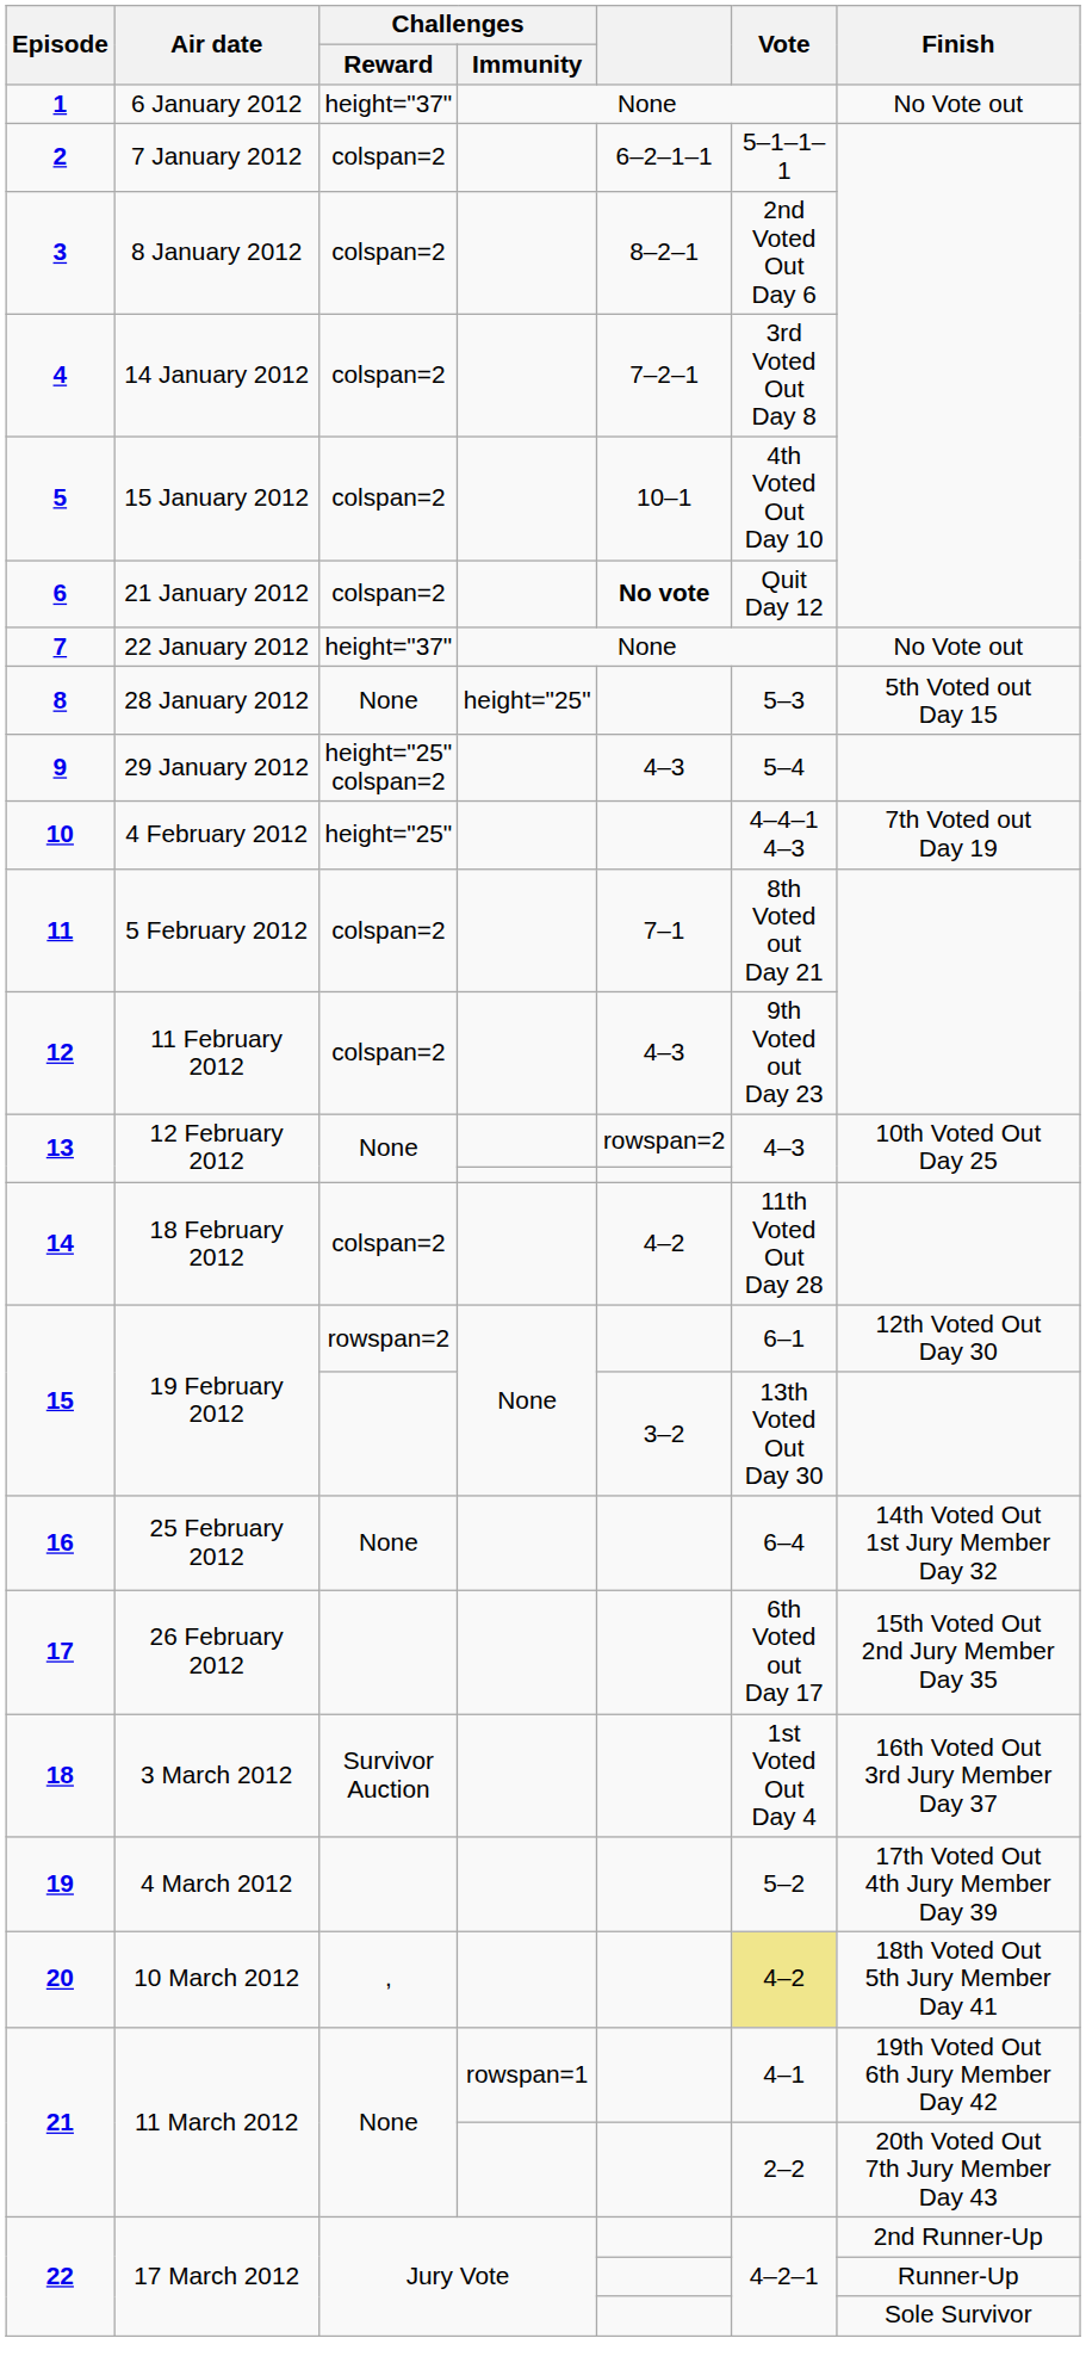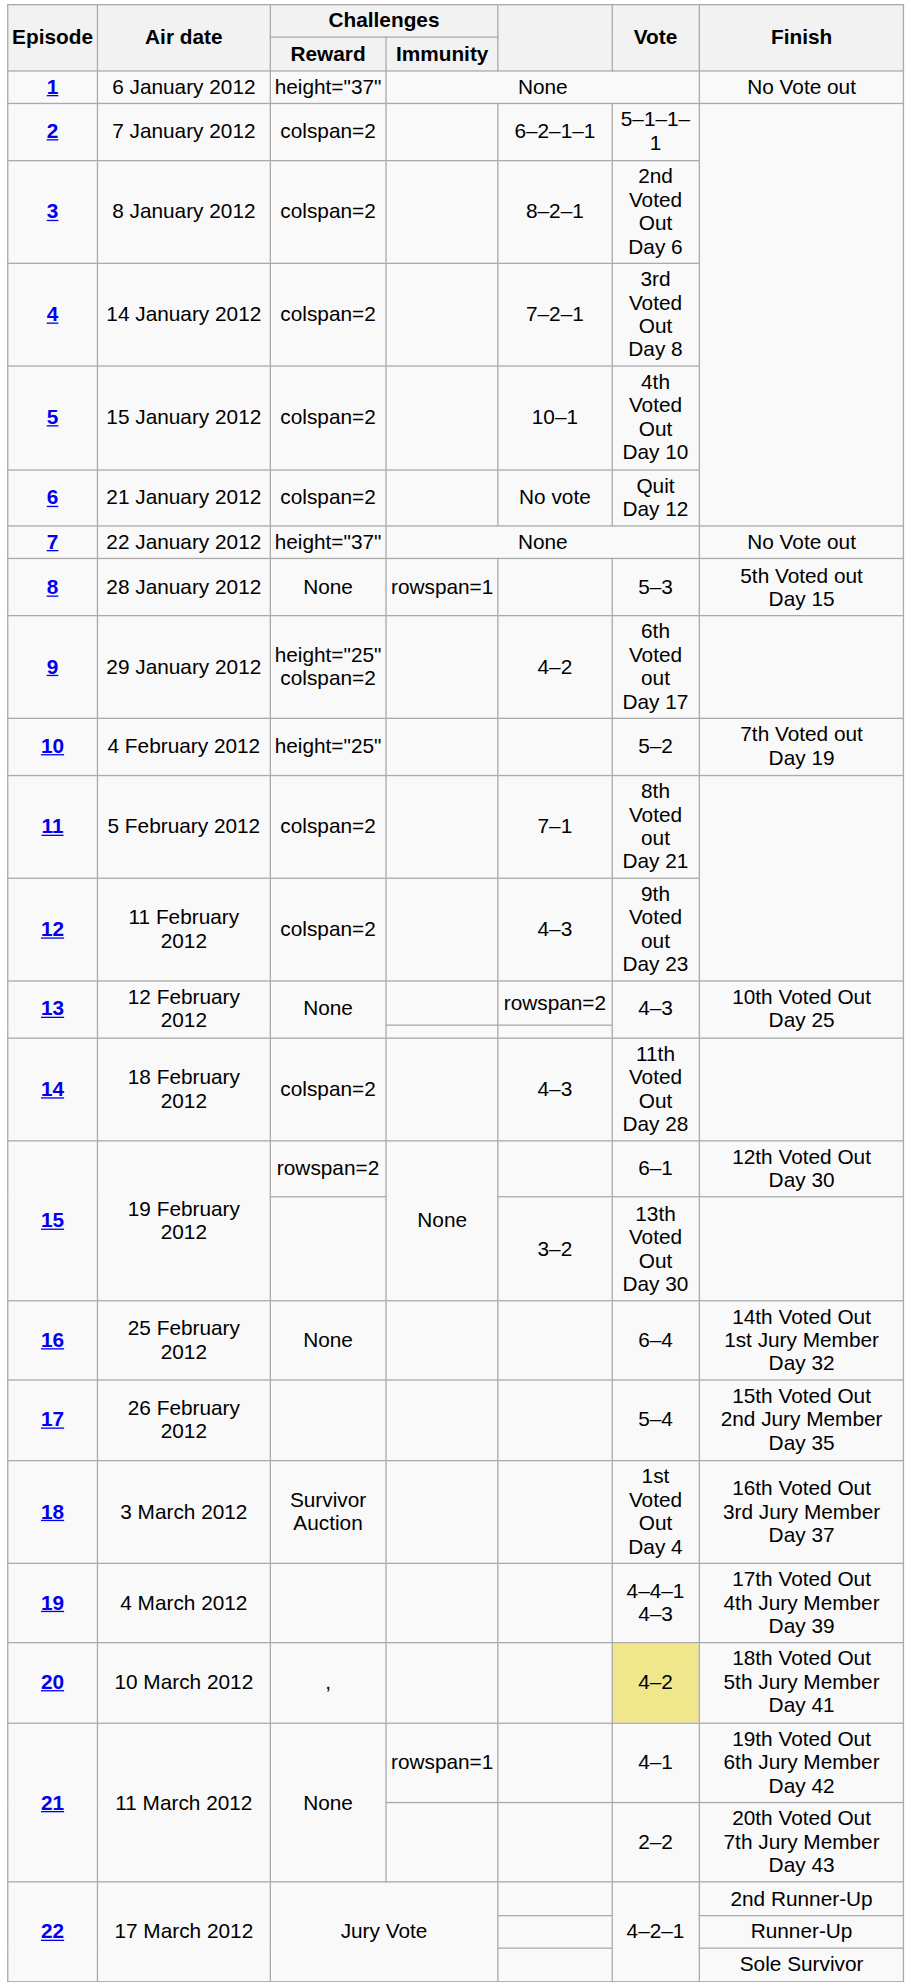 <table class="wikitable" style="margin:auto; text-align:center">
 <tr>
 <th rowspan=2 width="60">Episode</th>
 <th rowspan=2 width="125">Air date</th>
 <th colspan=2>Challenges</th>
 <th rowspan=2 width="80"></th>
 <th rowspan=2 width="60">Vote</th>
 <th rowspan=2 width="150">Finish</th>
 </tr>
 <tr>
 <th width="70">Reward</th>
 <th width="70">Immunity</th>
 </tr>
 <tr>
 <td><strong><a href='#'>1</a></strong></td>
 <td>6 January 2012</td>
 <td>height="37" </td>
 <td colspan=3>None</td>
 <td>No Vote out</td>
 </tr>
 <tr>
 <td><strong><a href='#'>2</a></strong></td>
 <td>7 January 2012</td>
 <td>colspan=2  </td>
 <td></td>
 <td>6–2–1–1</td>
 <td>5–1–1–1</td>
 </tr>
 <tr>
 <td><strong><a href='#'>3</a></strong></td>
 <td>8 January 2012</td>
 <td>colspan=2  </td>
 <td></td>
 <td>8–2–1</td>
 <td>2nd Voted Out<br>Day 6</td>
 </tr>
 <tr>
 <td><strong><a href='#'>4</a></strong></td>
 <td>14 January 2012</td>
 <td>colspan=2  </td>
 <td></td>
 <td>7–2–1</td>
 <td>3rd Voted Out<br>Day 8</td>
 </tr>
 <tr>
 <td><strong><a href='#'>5</a></strong></td>
 <td>15 January 2012</td>
 <td>colspan=2  </td>
 <td></td>
 <td>10–1</td>
 <td>4th Voted Out<br>Day 10</td>
 </tr>
 <tr>
 <td><strong><a href='#'>6</a></strong></td>
 <td>21 January 2012</td>
 <td>colspan=2  </td>
 <td></td>
-<td><strong>No vote</strong></td>
+<td>No vote</td>
 <td>Quit<br>Day 12</td>
 </tr>
 <tr>
 <td><strong><a href='#'>7</a></strong></td>
 <td>22 January 2012</td>
 <td>height="37"  </td>
 <td colspan=3>None</td>
 <td>No Vote out</td>
 </tr>
 <tr>
 <td><strong><a href='#'>8</a></strong></td>
 <td>28 January 2012</td>
 <td>None</td>
-<td>height="25"  </td>
+<td>rowspan=1 </td>
 <td></td>
 <td>5–3</td>
 <td>5th Voted out<br> Day 15</td>
 </tr>
 <tr>
 <td><strong><a href='#'>9</a></strong></td>
 <td>29 January 2012</td>
 <td>height="25"  colspan=2  </td>
 <td></td>
-<td>4–3</td>
-<td>5–4</td>
+<td>4–2</td>
+<td>6th Voted out<br> Day 17</td>
 </tr>
 <tr>
 <td><strong><a href='#'>10</a></strong></td>
 <td>4 February 2012</td>
 <td>height="25"  </td>
 <td></td>
 <td></td>
-<td>4–4–1<br>4–3</td>
+<td>5–2</td>
 <td>7th Voted out<br> Day 19</td>
 </tr>
 <tr>
 <td><strong><a href='#'>11</a></strong></td>
 <td>5 February 2012</td>
 <td>colspan=2  </td>
 <td></td>
 <td>7–1</td>
 <td>8th Voted out<br> Day 21</td>
 </tr>
 <tr>
 <td><strong><a href='#'>12</a></strong></td>
 <td>11 February 2012</td>
 <td>colspan=2  </td>
 <td></td>
 <td>4–3</td>
 <td>9th Voted out<br> Day 23</td>
 </tr>
 <tr>
 <td rowspan=2><strong><a href='#'>13</a></strong></td>
 <td rowspan=2>12 February 2012</td>
 <td rowspan=2>None</td>
 <td></td>
 <td>rowspan=2 </td>
 <td rowspan=2>4–3</td>
 <td rowspan=2>10th Voted Out<br>Day 25</td>
 </tr>
 <tr>
 <td></td>
 </tr>
 <tr>
 <td><strong><a href='#'>14</a></strong></td>
 <td>18 February 2012</td>
 <td>colspan=2  </td>
 <td></td>
-<td>4–2</td>
+<td>4–3</td>
 <td>11th Voted Out<br>Day 28</td>
 </tr>
 <tr>
 <td rowspan=2><strong><a href='#'>15</a></strong></td>
 <td rowspan=2>19 February 2012</td>
 <td>rowspan=2 </td>
 <td rowspan=2>None</td>
 <td></td>
 <td>6–1</td>
 <td>12th Voted Out<br>Day 30</td>
 </tr>
 <tr>
 <td></td>
 <td>3–2</td>
 <td>13th Voted Out<br>Day 30</td>
 </tr>
 <tr>
 <td><strong><a href='#'>16</a></strong></td>
 <td>25 February 2012</td>
 <td>None</td>
 <td></td>
 <td></td>
 <td>6–4</td>
 <td>14th Voted Out<br>1st Jury Member<br> Day 32</td>
 </tr>
 <tr>
 <td><strong><a href='#'>17</a></strong></td>
 <td>26 February 2012</td>
 <td></td>
 <td></td>
 <td></td>
-<td>6th Voted out<br> Day 17</td>
+<td>5–4</td>
 <td>15th Voted Out<br>2nd Jury Member<br> Day 35</td>
 </tr>
 <tr>
 <td><strong><a href='#'>18</a></strong></td>
 <td>3 March 2012</td>
 <td>Survivor<br> Auction</td>
 <td></td>
 <td></td>
 <td>1st Voted Out<br>Day 4</td>
 <td>16th Voted Out<br>3rd Jury Member<br> Day 37</td>
 </tr>
 <tr>
 <td><strong><a href='#'>19</a></strong></td>
 <td>4 March 2012</td>
 <td></td>
 <td></td>
 <td></td>
-<td>5–2</td>
+<td>4–4–1<br>4–3</td>
 <td>17th Voted Out<br>4th Jury Member<br> Day 39</td>
 </tr>
 <tr>
 <td><strong><a href='#'>20</a></strong></td>
 <td>10 March 2012</td>
 <td>, <br></td>
 <td></td>
 <td></td>
 <td style="background: khaki;">4–2</td>
 <td>18th Voted Out<br>5th Jury Member<br> Day 41</td>
 </tr>
 <tr>
 <td rowspan=2><strong><a href='#'>21</a></strong></td>
 <td rowspan=2>11 March 2012</td>
 <td rowspan=2>None</td>
 <td>rowspan=1 </td>
 <td></td>
 <td>4–1</td>
 <td>19th Voted Out<br>6th Jury Member<br> Day 42</td>
 </tr>
 <tr>
 <td></td>
 <td></td>
 <td>2–2</td>
 <td>20th Voted Out<br>7th Jury Member<br> Day 43</td>
 </tr>
 <tr>
 <td rowspan=3><strong><a href='#'>22</a></strong></td>
 <td rowspan=3>17 March 2012</td>
 <td rowspan=3 colspan=2>Jury Vote</td>
 <td></td>
 <td rowspan=3>4–2–1</td>
 <td>2nd Runner-Up</td>
 </tr>
 <tr>
 <td></td>
 <td>Runner-Up</td>
 </tr>
 <tr>
 <td></td>
 <td>Sole Survivor</td>
 </tr>
 <tr>
 </tr>
 </table>
